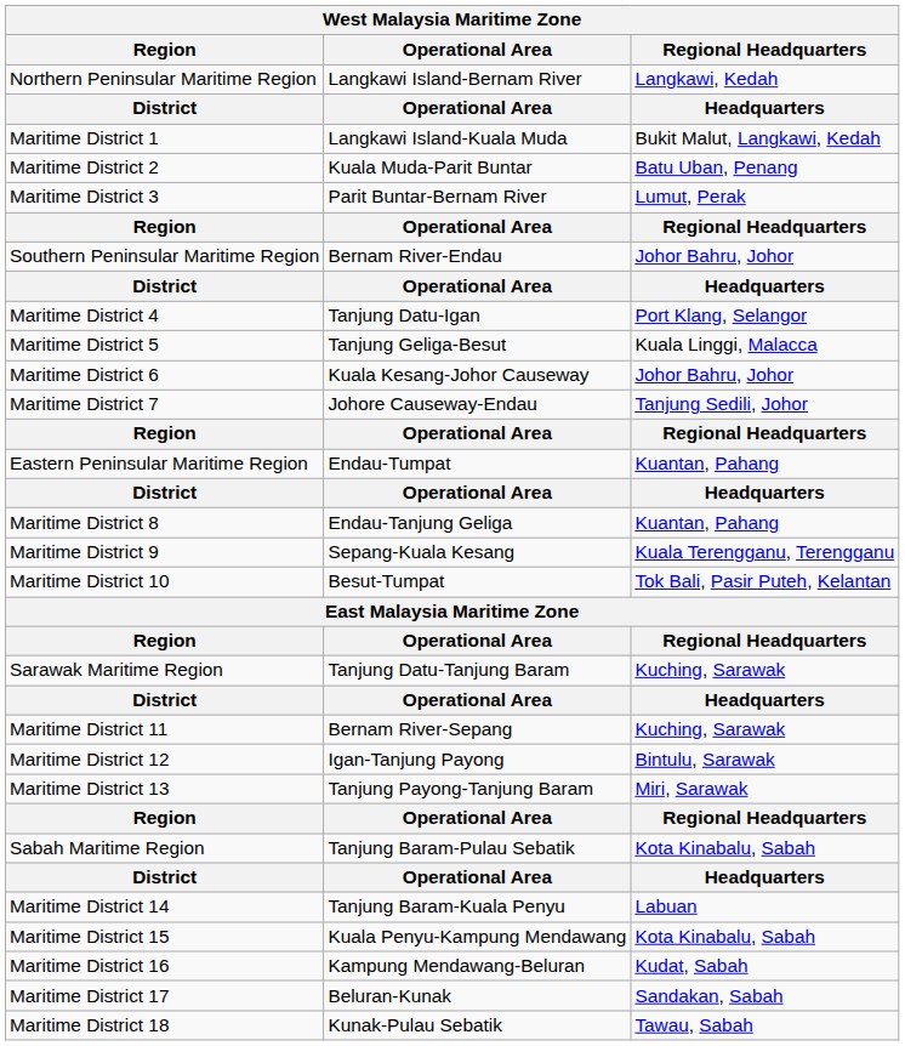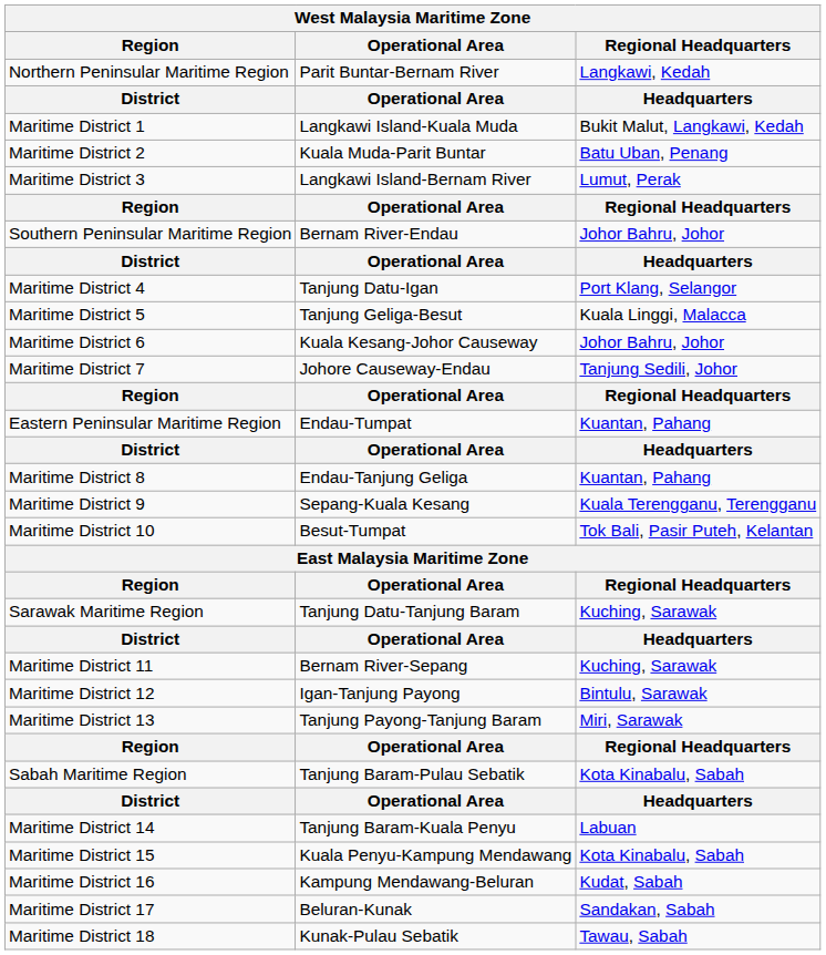 <table class="wikitable">
 <tr>
 <th colspan="3">West Malaysia Maritime Zone</th>
 </tr>
 <tr>
 <th>Region</th>
 <th>Operational Area</th>
 <th>Regional Headquarters</th>
 </tr>
 <tr>
 <td>Northern Peninsular Maritime Region</td>
-<td>Langkawi Island-Bernam River</td>
+<td>Parit Buntar-Bernam River</td>
 <td><a href='#'>Langkawi</a>, <a href='#'>Kedah</a></td>
 </tr>
 <tr>
 <th>District</th>
 <th>Operational Area</th>
 <th>Headquarters</th>
 </tr>
 <tr>
 <td>Maritime District 1</td>
 <td>Langkawi Island-Kuala Muda</td>
 <td>Bukit Malut, <a href='#'>Langkawi</a>, <a href='#'>Kedah</a></td>
 </tr>
 <tr>
 <td>Maritime District 2</td>
 <td>Kuala Muda-Parit Buntar</td>
 <td><a href='#'>Batu Uban</a>, <a href='#'>Penang</a></td>
 </tr>
 <tr>
 <td>Maritime District 3</td>
-<td>Parit Buntar-Bernam River</td>
+<td>Langkawi Island-Bernam River</td>
 <td><a href='#'>Lumut</a>, <a href='#'>Perak</a></td>
 </tr>
 <tr>
 <th>Region</th>
 <th>Operational Area</th>
 <th>Regional Headquarters</th>
 </tr>
 <tr>
 <td>Southern Peninsular Maritime Region</td>
 <td>Bernam River-Endau</td>
 <td><a href='#'>Johor Bahru</a>, <a href='#'>Johor</a></td>
 </tr>
 <tr>
 <th>District</th>
 <th>Operational Area</th>
 <th>Headquarters</th>
 </tr>
 <tr>
 <td>Maritime District 4</td>
 <td>Tanjung Datu-Igan</td>
 <td><a href='#'>Port Klang</a>, <a href='#'>Selangor</a></td>
 </tr>
 <tr>
 <td>Maritime District 5</td>
 <td>Tanjung Geliga-Besut</td>
 <td>Kuala Linggi, <a href='#'>Malacca</a></td>
 </tr>
 <tr>
 <td>Maritime District 6</td>
 <td>Kuala Kesang-Johor Causeway</td>
 <td><a href='#'>Johor Bahru</a>, <a href='#'>Johor</a></td>
 </tr>
 <tr>
 <td>Maritime District 7</td>
 <td>Johore Causeway-Endau</td>
 <td><a href='#'>Tanjung Sedili</a>, <a href='#'>Johor</a></td>
 </tr>
 <tr>
 <th>Region</th>
 <th>Operational Area</th>
 <th>Regional Headquarters</th>
 </tr>
 <tr>
 <td>Eastern Peninsular Maritime Region</td>
 <td>Endau-Tumpat</td>
 <td><a href='#'>Kuantan</a>, <a href='#'>Pahang</a></td>
 </tr>
 <tr>
 <th>District</th>
 <th>Operational Area</th>
 <th>Headquarters</th>
 </tr>
 <tr>
 <td>Maritime District 8</td>
 <td>Endau-Tanjung Geliga</td>
 <td><a href='#'>Kuantan</a>, <a href='#'>Pahang</a></td>
 </tr>
 <tr>
 <td>Maritime District 9</td>
 <td>Sepang-Kuala Kesang</td>
 <td><a href='#'>Kuala Terengganu</a>, <a href='#'>Terengganu</a></td>
 </tr>
 <tr>
 <td>Maritime District 10</td>
 <td>Besut-Tumpat</td>
 <td><a href='#'>Tok Bali</a>, <a href='#'>Pasir Puteh</a>, <a href='#'>Kelantan</a></td>
 </tr>
 <tr>
 <th colspan="3">East Malaysia Maritime Zone</th>
 </tr>
 <tr>
 <th>Region</th>
 <th>Operational Area</th>
 <th>Regional Headquarters</th>
 </tr>
 <tr>
 <td>Sarawak Maritime Region</td>
 <td>Tanjung Datu-Tanjung Baram</td>
 <td><a href='#'>Kuching</a>, <a href='#'>Sarawak</a></td>
 </tr>
 <tr>
 <th>District</th>
 <th>Operational Area</th>
 <th>Headquarters</th>
 </tr>
 <tr>
 <td>Maritime District 11</td>
 <td>Bernam River-Sepang</td>
 <td><a href='#'>Kuching</a>, <a href='#'>Sarawak</a></td>
 </tr>
 <tr>
 <td>Maritime District 12</td>
 <td>Igan-Tanjung Payong</td>
 <td><a href='#'>Bintulu</a>, <a href='#'>Sarawak</a></td>
 </tr>
 <tr>
 <td>Maritime District 13</td>
 <td>Tanjung Payong-Tanjung Baram</td>
 <td><a href='#'>Miri</a>, <a href='#'>Sarawak</a></td>
 </tr>
 <tr>
 <th>Region</th>
 <th>Operational Area</th>
 <th>Regional Headquarters</th>
 </tr>
 <tr>
 <td>Sabah Maritime Region</td>
 <td>Tanjung Baram-Pulau Sebatik</td>
 <td><a href='#'>Kota Kinabalu</a>, <a href='#'>Sabah</a></td>
 </tr>
 <tr>
 <th>District</th>
 <th>Operational Area</th>
 <th>Headquarters</th>
 </tr>
 <tr>
 <td>Maritime District 14</td>
 <td>Tanjung Baram-Kuala Penyu</td>
 <td><a href='#'>Labuan</a></td>
 </tr>
 <tr>
 <td>Maritime District 15</td>
 <td>Kuala Penyu-Kampung Mendawang</td>
 <td><a href='#'>Kota Kinabalu</a>, <a href='#'>Sabah</a></td>
 </tr>
 <tr>
 <td>Maritime District 16</td>
 <td>Kampung Mendawang-Beluran</td>
 <td><a href='#'>Kudat</a>, <a href='#'>Sabah</a></td>
 </tr>
 <tr>
 <td>Maritime District 17</td>
 <td>Beluran-Kunak</td>
 <td><a href='#'>Sandakan</a>, <a href='#'>Sabah</a></td>
 </tr>
 <tr>
 <td>Maritime District 18</td>
 <td>Kunak-Pulau Sebatik</td>
 <td><a href='#'>Tawau</a>, <a href='#'>Sabah</a></td>
 </tr>
 </table>
